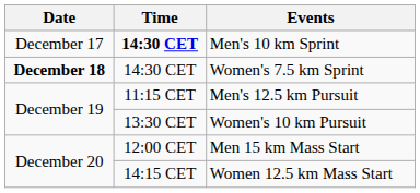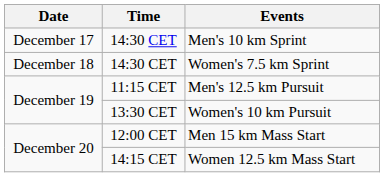 <table class="wikitable" style="text-align: center" width="400">
 <tr>
 <th>Date</th>
 <th>Time</th>
 <th>Events</th>
 </tr>
 <tr>
 <td>December 17</td>
-<td><strong>14:30 <a href='#'>CET</a></strong></td>
+<td>14:30 <a href='#'>CET</a></td>
 <td style="text-align: left">Men's 10 km Sprint</td>
 </tr>
 <tr>
-<td><strong>December 18</strong></td>
+<td>December 18</td>
 <td>14:30 CET</td>
 <td style="text-align: left">Women's 7.5 km Sprint</td>
 </tr>
 <tr>
 <td rowspan=2>December 19</td>
 <td>11:15 CET</td>
 <td style="text-align: left">Men's 12.5 km Pursuit</td>
 </tr>
 <tr>
 <td>13:30 CET</td>
 <td style="text-align: left">Women's 10 km Pursuit</td>
 </tr>
 <tr>
 <td rowspan=2>December 20</td>
 <td>12:00 CET</td>
 <td style="text-align: left">Men 15 km Mass Start</td>
 </tr>
 <tr>
 <td>14:15 CET</td>
 <td style="text-align: left">Women 12.5 km Mass Start</td>
 </tr>
 </table>
